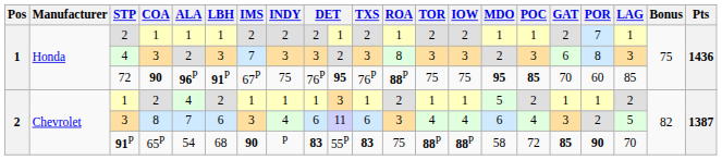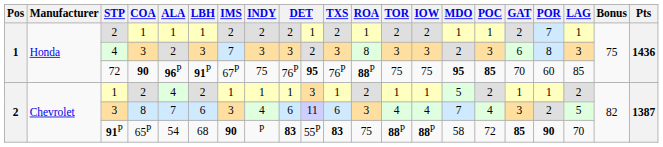 <table class="wikitable" style="font-size: 85%; text-align:center">
 <tr valign=top>
 <th>Pos</th>
 <th>Manufacturer</th>
 <th><a href='#'>STP</a></th>
 <th><a href='#'>COA</a></th>
 <th><a href='#'>ALA</a></th>
 <th><a href='#'>LBH</a></th>
 <th><a href='#'>IMS</a></th>
 <th><a href='#'>INDY</a></th>
 <th colspan=2><a href='#'>DET</a></th>
 <th><a href='#'>TXS</a></th>
 <th><a href='#'>ROA</a></th>
 <th><a href='#'>TOR</a></th>
 <th><a href='#'>IOW</a></th>
 <th><a href='#'>MDO</a></th>
 <th><a href='#'>POC</a></th>
 <th><a href='#'>GAT</a></th>
 <th><a href='#'>POR</a></th>
 <th><a href='#'>LAG</a></th>
 <th>Bonus</th>
 <th>Pts</th>
 </tr>
 <tr>
 <th rowspan=3>1</th>
 <td rowspan="3" style="text-align:left;"><a href='#'>Honda</a></td>
 <td style="background:#DFDFDF;">2</td>
 <td style="background:#FFFFBF;">1</td>
 <td style="background:#FFFFBF;">1</td>
 <td style="background:#FFFFBF;">1</td>
 <td style="background:#DFDFDF;">2</td>
 <td style="background:#DFDFDF;">2</td>
 <td style="background:#DFDFDF;">2</td>
 <td style="background:#FFFFBF;">1</td>
 <td style="background:#DFDFDF;">2</td>
 <td style="background:#FFFFBF;">1</td>
 <td style="background:#DFDFDF;">2</td>
 <td style="background:#DFDFDF;">2</td>
 <td style="background:#FFFFBF;">1</td>
 <td style="background:#FFFFBF;">1</td>
 <td style="background:#DFDFDF;">2</td>
 <td style="background:#CFEAFF;">7</td>
 <td style="background:#FFFFBF;">1</td>
 <td rowspan=3>75</td>
 <th rowspan=3>1436</th>
 </tr>
 <tr>
 <td style="background:#DFFFDF;">4</td>
 <td style="background:#FFDF9F;">3</td>
 <td style="background:#DFDFDF;">2</td>
 <td style="background:#FFDF9F;">3</td>
 <td style="background:#CFEAFF;">7</td>
 <td style="background:#FFDF9F;">3</td>
 <td style="background:#FFDF9F;">3</td>
 <td style="background:#DFDFDF;">2</td>
 <td style="background:#FFDF9F;">3</td>
 <td style="background:#DFFFDF;">8</td>
 <td style="background:#FFDF9F;">3</td>
 <td style="background:#FFDF9F;">3</td>
 <td style="background:#DFDFDF;">2</td>
 <td style="background:#FFDF9F;">3</td>
 <td style="background:#DFFFDF;">6</td>
 <td style="background:#CFEAFF;">8</td>
 <td style="background:#FFDF9F;">3</td>
 </tr>
 <tr>
 <td>72</td>
 <td><strong>90</strong></td>
 <td><strong>96</strong><sup>P</sup></td>
 <td><strong>91</strong><sup>P</sup></td>
 <td>67<sup>P</sup></td>
 <td>75</td>
 <td>76<sup>P</sup></td>
 <td><strong>95</strong></td>
 <td>76<sup>P</sup></td>
 <td><strong>88</strong><sup>P</sup></td>
 <td>75</td>
 <td>75</td>
 <td><strong>95</strong></td>
 <td><strong>85</strong></td>
 <td>70</td>
 <td>60</td>
 <td>85</td>
 </tr>
 <tr>
 <th rowspan=3>2</th>
 <td rowspan="3" style="text-align:left;"><a href='#'>Chevrolet</a></td>
 <td style="background:#FFFFBF;">1</td>
 <td style="background:#DFDFDF;">2</td>
 <td style="background:#DFFFDF;">4</td>
 <td style="background:#DFDFDF;">2</td>
 <td style="background:#FFFFBF;">1</td>
 <td style="background:#FFFFBF;">1</td>
 <td style="background:#FFFFBF;">1</td>
 <td style="background:#FFDF9F;">3</td>
 <td style="background:#FFFFBF;">1</td>
 <td style="background:#DFDFDF;">2</td>
 <td style="background:#FFFFBF;">1</td>
 <td style="background:#FFFFBF;">1</td>
 <td style="background:#DFFFDF;">5</td>
 <td style="background:#DFDFDF;">2</td>
 <td style="background:#FFFFBF;">1</td>
 <td style="background:#FFFFBF;">1</td>
 <td style="background:#DFDFDF;">2</td>
 <td rowspan=3>82</td>
 <th rowspan=3>1387</th>
 </tr>
 <tr>
 <td style="background:#FFDF9F;">3</td>
 <td style="background:#CFEAFF;">8</td>
 <td style="background:#CFEAFF;">7</td>
 <td style="background:#CFEAFF;">6</td>
 <td style="background:#FFDF9F;">3</td>
 <td style="background:#DFFFDF;">4</td>
 <td style="background:#CFEAFF;">6</td>
 <td style="background:#CFCFFF;">11</td>
 <td style="background:#CFEAFF;">6</td>
 <td style="background:#FFDF9F;">3</td>
 <td style="background:#DFFFDF;">4</td>
 <td style="background:#DFFFDF;">4</td>
-<td style="background:#CFEAFF;">6</td>
+<td style="background:#CFEAFF;">7</td>
 <td style="background:#DFFFDF;">4</td>
 <td style="background:#FFDF9F;">3</td>
 <td style="background:#DFDFDF;">2</td>
 <td style="background:#DFFFDF;">5</td>
 </tr>
 <tr>
 <td><strong>91</strong><sup>P</sup></td>
 <td>65<sup>P</sup></td>
 <td>54</td>
 <td>68</td>
 <td><strong>90</strong></td>
 <td><strong></strong><sup>P</sup></td>
 <td><strong>83</strong></td>
 <td>55<sup>P</sup></td>
 <td><strong>83</strong></td>
 <td>75</td>
 <td><strong>88</strong><sup>P</sup></td>
 <td><strong>88</strong><sup>P</sup></td>
 <td>58</td>
 <td>72</td>
 <td><strong>85</strong></td>
 <td><strong>90</strong></td>
 <td>70</td>
 </tr>
 </table>
